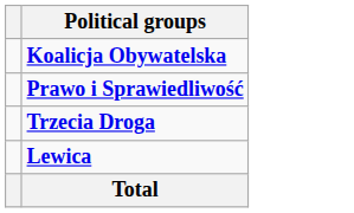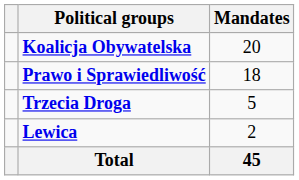 <table class="wikitable">
 <tr>
 <th width=5></th>
 <th>Political groups</th>
+<th>Mandates</th>
 </tr>
 <tr>
 <td style="background:"></td>
 <td><strong><a href='#'>Koalicja Obywatelska</a></strong></td>
+<td align="center">20</td>
 </tr>
 <tr>
 <td style="background:"></td>
 <td><strong><a href='#'>Prawo i Sprawiedliwość</a></strong></td>
+<td align="center">18</td>
 </tr>
 <tr>
 <td style="background:"></td>
 <td><strong><a href='#'>Trzecia Droga</a></strong></td>
+<td align="center">5</td>
 </tr>
 <tr>
 <td style="background:"></td>
 <td><strong><a href='#'>Lewica</a></strong></td>
+<td align="center">2</td>
 </tr>
 <tr bgcolor="#ececec">
 <th></th>
 <th>Total</th>
+<th align="center">45</th>
 </tr>
 </table>
